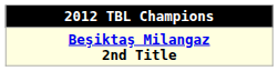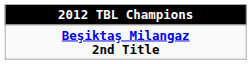 <table class="wikitable" style="margin: 0 auto; width: 20%;">
 <tr>
 <th style="background: #000000; color:#FFFFFF;">2012 TBL Champions</th>
 </tr>
 <tr>
-<td align=center style="background: lightyellow;"><strong><a href='#'>Beşiktaş Milangaz</a></strong><br><strong>2nd Title</strong> <br></td>
+<td align=center><strong><a href='#'>Beşiktaş Milangaz</a></strong><br><strong>2nd Title</strong> <br></td>
 </tr>
 </table>
